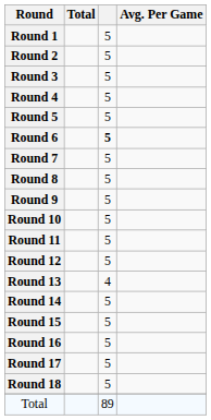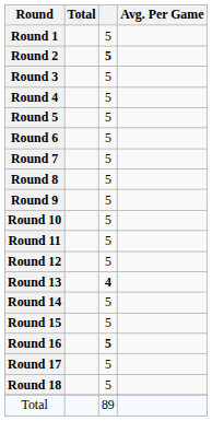 <table class="wikitable plainrowheaders sortable" style="text-align:center;">
 <tr>
 <th>Round</th>
 <th>Total</th>
 <th></th>
 <th>Avg. Per Game</th>
 </tr>
 <tr>
 <th scope='row'>Round 1</th>
 <td></td>
 <td>5</td>
 <td></td>
 </tr>
 <tr>
 <th scope='row'>Round 2</th>
 <td></td>
-<td>5</td>
+<td><strong>5</strong></td>
 <td></td>
 </tr>
 <tr>
 <th scope='row'>Round 3</th>
 <td></td>
 <td>5</td>
 <td></td>
 </tr>
 <tr>
 <th scope='row'>Round 4</th>
 <td></td>
 <td>5</td>
 <td></td>
 </tr>
 <tr>
 <th scope='row'>Round 5</th>
 <td></td>
 <td>5</td>
 <td></td>
 </tr>
 <tr>
 <th scope='row'>Round 6</th>
 <td></td>
-<td><strong>5</strong></td>
+<td>5</td>
 <td></td>
 </tr>
 <tr>
 <th scope='row'>Round 7</th>
 <td></td>
 <td>5</td>
 <td></td>
 </tr>
 <tr>
 <th scope='row'>Round 8</th>
 <td></td>
 <td>5</td>
 <td></td>
 </tr>
 <tr>
 <th scope='row'>Round 9</th>
 <td></td>
 <td>5</td>
 <td></td>
 </tr>
 <tr>
 <th scope='row'>Round 10</th>
 <td></td>
 <td>5</td>
 <td></td>
 </tr>
 <tr>
 <th scope='row'>Round 11</th>
 <td></td>
 <td>5</td>
 <td></td>
 </tr>
 <tr>
 <th scope='row'>Round 12</th>
 <td></td>
 <td>5</td>
 <td></td>
 </tr>
 <tr>
 <th scope='row'>Round 13</th>
 <td></td>
-<td>4</td>
+<td><strong>4</strong></td>
 <td></td>
 </tr>
 <tr>
 <th scope='row'>Round 14</th>
 <td></td>
 <td>5</td>
 <td></td>
 </tr>
 <tr>
 <th scope='row'>Round 15</th>
 <td></td>
 <td>5</td>
 <td></td>
 </tr>
 <tr>
 <th scope='row'>Round 16</th>
 <td></td>
-<td>5</td>
+<td><strong>5</strong></td>
 <td></td>
 </tr>
 <tr>
 <th scope='row'>Round 17</th>
 <td></td>
 <td>5</td>
 <td></td>
 </tr>
 <tr>
 <th scope='row'>Round 18</th>
 <td></td>
 <td>5</td>
 <td></td>
 </tr>
 <tr>
 </tr>
 <tr style="background:#f4faff;">
 <td>Total</td>
 <td></td>
 <td>89</td>
 <td></td>
 </tr>
 </table>
